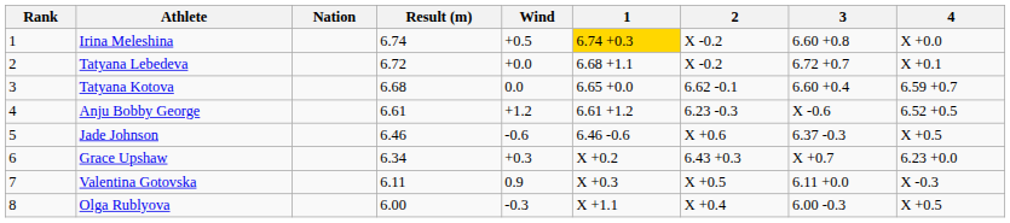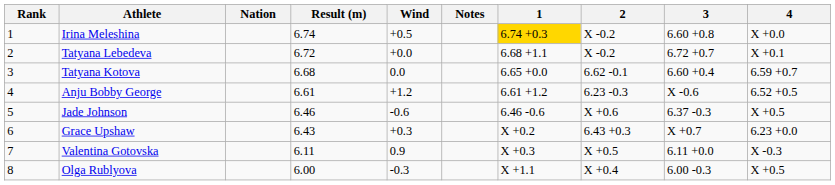 <table class="wikitable" style="text=align:center;" width=85%>
 <tr>
 <th>Rank</th>
 <th>Athlete</th>
 <th>Nation</th>
 <th>Result (m)</th>
 <th>Wind</th>
+<th>Notes</th>
 <th>1</th>
 <th>2</th>
 <th>3</th>
 <th>4</th>
 </tr>
 <tr>
 <td>1</td>
 <td><a href='#'>Irina Meleshina</a></td>
 <td></td>
 <td>6.74</td>
 <td>+0.5</td>
+<td></td>
 <td style="background: gold;">6.74 +0.3</td>
 <td>X -0.2</td>
 <td>6.60 +0.8</td>
 <td>X +0.0</td>
 </tr>
 <tr>
 <td>2</td>
 <td><a href='#'>Tatyana Lebedeva</a></td>
 <td></td>
 <td>6.72</td>
 <td>+0.0</td>
+<td></td>
 <td>6.68 +1.1</td>
 <td>X -0.2</td>
 <td>6.72 +0.7</td>
 <td>X +0.1</td>
 </tr>
 <tr>
 <td>3</td>
 <td><a href='#'>Tatyana Kotova</a></td>
 <td></td>
 <td>6.68</td>
 <td>0.0</td>
+<td></td>
 <td>6.65 +0.0</td>
 <td>6.62 -0.1</td>
 <td>6.60 +0.4</td>
 <td>6.59 +0.7</td>
 </tr>
 <tr>
 <td>4</td>
 <td><a href='#'>Anju Bobby George</a></td>
 <td></td>
 <td>6.61</td>
 <td>+1.2</td>
+<td></td>
 <td>6.61 +1.2</td>
 <td>6.23 -0.3</td>
 <td>X -0.6</td>
 <td>6.52 +0.5</td>
 </tr>
 <tr>
 <td>5</td>
 <td><a href='#'>Jade Johnson</a></td>
 <td></td>
 <td>6.46</td>
 <td>-0.6</td>
+<td></td>
 <td>6.46 -0.6</td>
 <td>X +0.6</td>
 <td>6.37 -0.3</td>
 <td>X +0.5</td>
 </tr>
 <tr>
 <td>6</td>
 <td><a href='#'>Grace Upshaw</a></td>
 <td></td>
-<td>6.34</td>
+<td>6.43</td>
 <td>+0.3</td>
+<td></td>
 <td>X +0.2</td>
 <td>6.43 +0.3</td>
 <td>X +0.7</td>
 <td>6.23 +0.0</td>
 </tr>
 <tr>
 <td>7</td>
 <td><a href='#'>Valentina Gotovska</a></td>
 <td></td>
 <td>6.11</td>
 <td>0.9</td>
+<td></td>
 <td>X +0.3</td>
 <td>X +0.5</td>
 <td>6.11 +0.0</td>
 <td>X -0.3</td>
 </tr>
 <tr>
 <td>8</td>
 <td><a href='#'>Olga Rublyova</a></td>
 <td></td>
 <td>6.00</td>
 <td>-0.3</td>
+<td></td>
 <td>X +1.1</td>
 <td>X +0.4</td>
 <td>6.00 -0.3</td>
 <td>X +0.5</td>
 </tr>
 </table>
